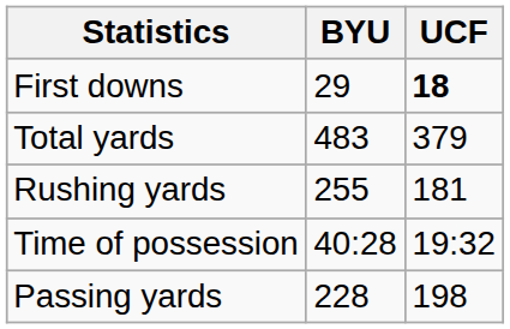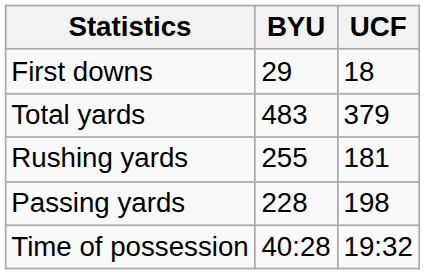 <table class="wikitable" style="float: right;">
 <tr>
 <th>Statistics</th>
 <th>BYU</th>
 <th>UCF</th>
 </tr>
 <tr>
 <td>First downs</td>
 <td>29</td>
-<td><strong>18</strong></td>
+<td>18</td>
 </tr>
 <tr>
 <td>Total yards</td>
 <td>483</td>
 <td>379</td>
 </tr>
 <tr>
 <td>Rushing yards</td>
 <td>255</td>
 <td>181</td>
 </tr>
 <tr>
+<td>Passing yards</td>
+<td>228</td>
+<td>198</td>
+</tr>
+<tr>
 <td>Time of possession</td>
 <td>40:28</td>
 <td>19:32</td>
 </tr>
-<tr>
-<td>Passing yards</td>
-<td>228</td>
-<td>198</td>
-</tr>
 </table>
